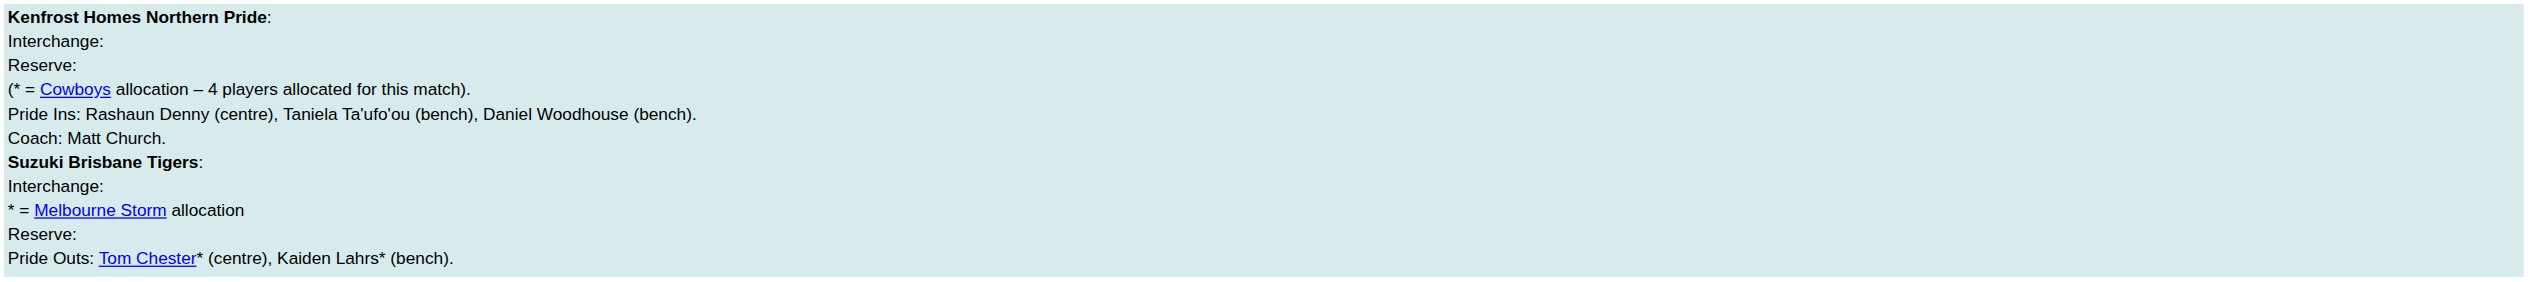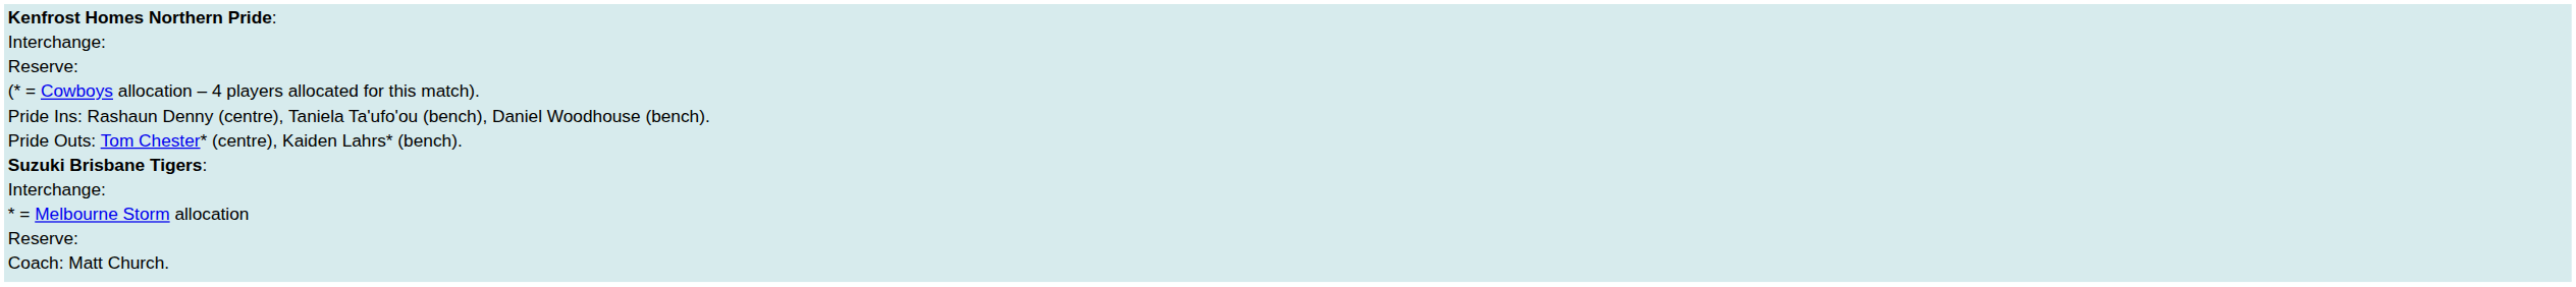 <table style="background:#d7ebed; font-size:85%; width:100%;">
 <tr>
 <td><strong>Kenfrost Homes Northern Pride</strong>:             </td>
 </tr>
 <tr>
 <td>Interchange:    </td>
 </tr>
 <tr>
 <td>Reserve: </td>
 </tr>
 <tr>
 <td>(* = <a href='#'>Cowboys</a> allocation – 4 players allocated for this match).</td>
 </tr>
 <tr>
 <td>Pride Ins: Rashaun Denny (centre), Taniela Ta'ufo'ou (bench), Daniel Woodhouse (bench).</td>
 </tr>
 <tr>
-<td>Coach: Matt Church.</td>
+<td>Pride Outs: <a href='#'>Tom Chester</a>* (centre), Kaiden Lahrs* (bench).</td>
 </tr>
 <tr>
 <td><strong>Suzuki Brisbane Tigers</strong>:             </td>
 </tr>
 <tr>
 <td>Interchange:    </td>
 </tr>
 <tr>
 <td>* = <a href='#'>Melbourne Storm</a> allocation</td>
 </tr>
 <tr>
 <td>Reserve: </td>
 </tr>
 <tr>
-<td>Pride Outs: <a href='#'>Tom Chester</a>* (centre), Kaiden Lahrs* (bench).</td>
+<td>Coach: Matt Church.</td>
 </tr>
 <tr>
 </tr>
 <tr>
 </tr>
 </table>
